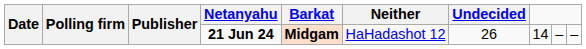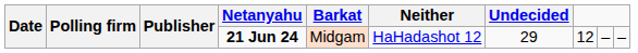 <table class="wikitable sortable" style="text-align:center; font-size:90%; line-height:13px">
 <tr>
 <th rowspan=2>Date</th>
 <th rowspan=2>Polling firm</th>
 <th rowspan=2>Publisher</th>
 <th><a href='#'>Netanyahu</a></th>
 <th><a href='#'>Barkat</a></th>
 <th>Neither</th>
 <th><a href='#'>Undecided</a></th>
 </tr>
 <tr>
 <td data-sort-value=2024-06-21><strong>21 Jun 24</strong></td>
-<td style=background:#FFDFCC><strong>Midgam</strong></td>
+<td style=background:#FFDFCC>Midgam</td>
 <td><a href='#'>HaHadashot 12</a></td>
-<td>26					</td>
-<td>14					</td>
+<td>29					</td>
+<td>12					</td>
 <td>–					</td>
 <td>–					</td>
 </tr>
 </table>
